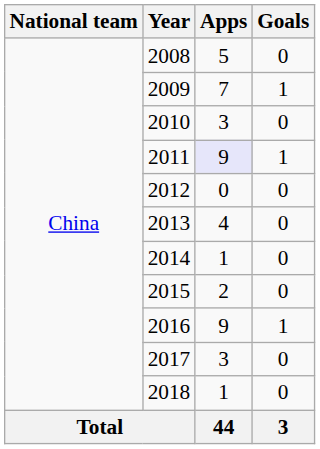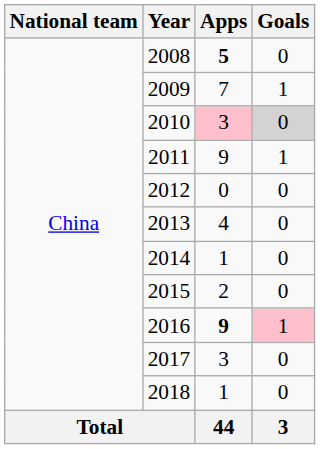 <table class="wikitable" style="text-align:center">
 <tr>
 <th>National team</th>
 <th>Year</th>
 <th>Apps</th>
 <th>Goals</th>
 </tr>
 <tr>
 <td rowspan="11"><a href='#'>China</a></td>
 <td>2008</td>
-<td>5</td>
+<td><strong>5</strong></td>
 <td>0</td>
 </tr>
 <tr>
 <td>2009</td>
 <td>7</td>
 <td>1</td>
 </tr>
 <tr>
 <td>2010</td>
-<td>3</td>
-<td>0</td>
+<td style="background: pink;">3</td>
+<td style="background: lightgrey;">0</td>
 </tr>
 <tr>
 <td>2011</td>
-<td style="background: lavender;">9</td>
+<td>9</td>
 <td>1</td>
 </tr>
 <tr>
 <td>2012</td>
 <td>0</td>
 <td>0</td>
 </tr>
 <tr>
 <td>2013</td>
 <td>4</td>
 <td>0</td>
 </tr>
 <tr>
 <td>2014</td>
 <td>1</td>
 <td>0</td>
 </tr>
 <tr>
 <td>2015</td>
 <td>2</td>
 <td>0</td>
 </tr>
 <tr>
 <td>2016</td>
-<td>9</td>
-<td>1</td>
+<td><strong>9</strong></td>
+<td style="background: pink;">1</td>
 </tr>
 <tr>
 <td>2017</td>
 <td>3</td>
 <td>0</td>
 </tr>
 <tr>
 <td>2018</td>
 <td>1</td>
 <td>0</td>
 </tr>
 <tr>
 <th colspan="2">Total</th>
 <th>44</th>
 <th>3</th>
 </tr>
 </table>
